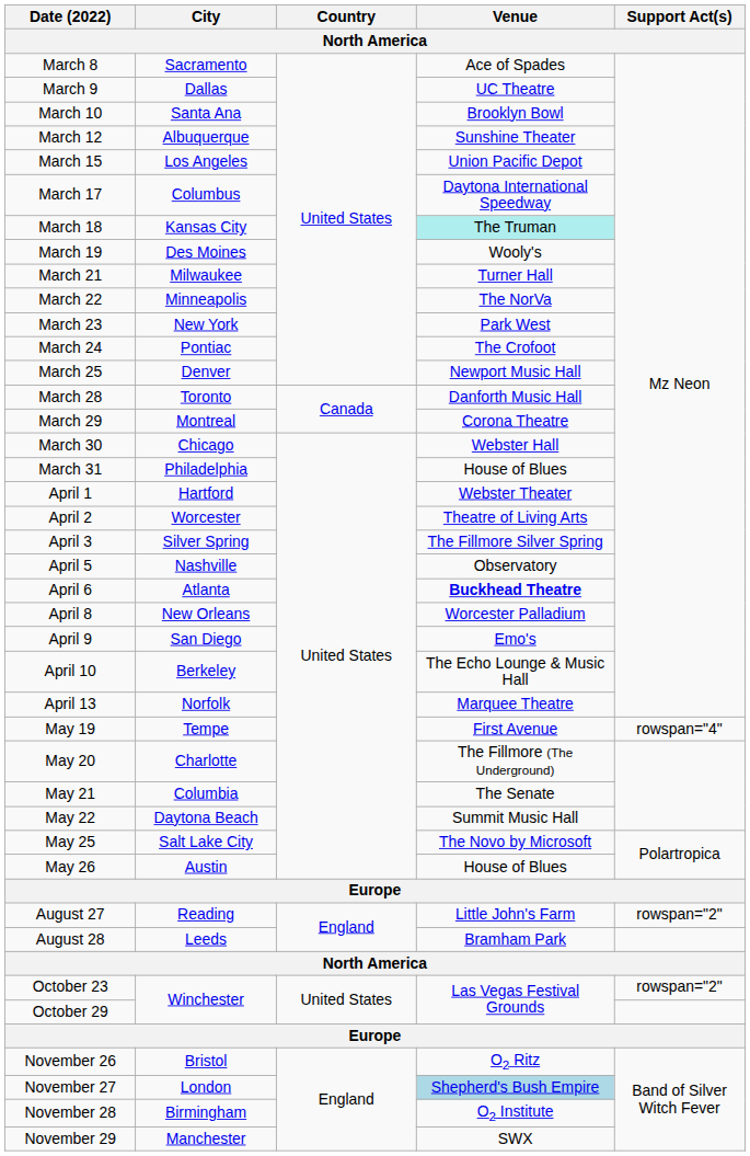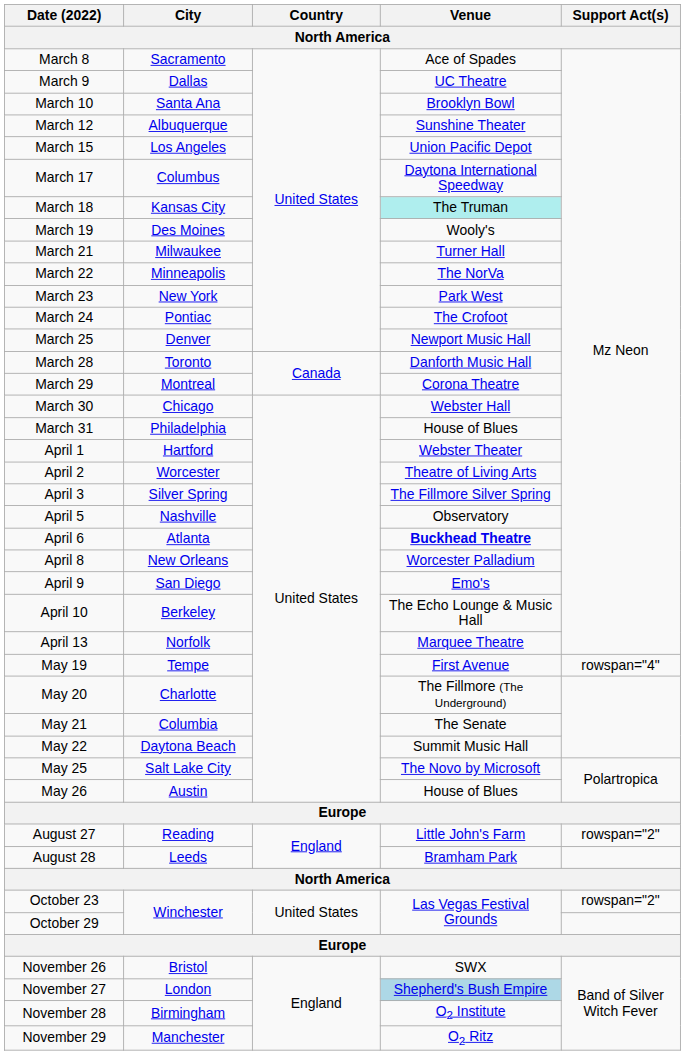 <table class="wikitable" style="text-align:center;">
 <tr>
 <th width="130">Date (2022)</th>
 <th width="140">City</th>
 <th width="140">Country</th>
 <th width="200">Venue</th>
 <th width="130">Support Act(s)</th>
 </tr>
 <tr>
 <th colspan="5">North America</th>
 </tr>
 <tr>
 <td>March 8</td>
 <td><a href='#'>Sacramento</a></td>
 <td rowspan="13"><a href='#'>United States</a></td>
 <td>Ace of Spades</td>
 <td rowspan="26">Mz Neon</td>
 </tr>
 <tr>
 <td>March 9</td>
 <td><a href='#'>Dallas</a></td>
 <td><a href='#'>UC Theatre</a></td>
 </tr>
 <tr>
 <td>March 10</td>
 <td><a href='#'>Santa Ana</a></td>
 <td><a href='#'>Brooklyn Bowl</a></td>
 </tr>
 <tr>
 <td>March 12</td>
 <td><a href='#'>Albuquerque</a></td>
 <td><a href='#'>Sunshine Theater</a></td>
 </tr>
 <tr>
 <td>March 15</td>
 <td><a href='#'>Los Angeles</a></td>
 <td><a href='#'>Union Pacific Depot</a></td>
 </tr>
 <tr>
 <td>March 17</td>
 <td><a href='#'>Columbus</a></td>
 <td><a href='#'>Daytona International Speedway</a></td>
 </tr>
 <tr>
 <td>March 18</td>
 <td><a href='#'>Kansas City</a></td>
 <td style="background: paleturquoise;">The Truman</td>
 </tr>
 <tr>
 <td>March 19</td>
 <td><a href='#'>Des Moines</a></td>
 <td>Wooly's</td>
 </tr>
 <tr>
 <td>March 21</td>
 <td><a href='#'>Milwaukee</a></td>
 <td><a href='#'>Turner Hall</a></td>
 </tr>
 <tr>
 <td>March 22</td>
 <td><a href='#'>Minneapolis</a></td>
 <td><a href='#'>The NorVa</a></td>
 </tr>
 <tr>
 <td>March 23</td>
 <td><a href='#'>New York</a></td>
 <td><a href='#'>Park West</a></td>
 </tr>
 <tr>
 <td>March 24</td>
 <td><a href='#'>Pontiac</a></td>
 <td><a href='#'>The Crofoot</a></td>
 </tr>
 <tr>
 <td>March 25</td>
 <td><a href='#'>Denver</a></td>
 <td><a href='#'>Newport Music Hall</a></td>
 </tr>
 <tr>
 <td>March 28</td>
 <td><a href='#'>Toronto</a></td>
 <td rowspan="2"><a href='#'>Canada</a></td>
 <td><a href='#'>Danforth Music Hall</a></td>
 </tr>
 <tr>
 <td>March 29</td>
 <td><a href='#'>Montreal</a></td>
 <td><a href='#'>Corona Theatre</a></td>
 </tr>
 <tr>
 <td>March 30</td>
 <td><a href='#'>Chicago</a></td>
 <td rowspan="17">United States</td>
 <td><a href='#'>Webster Hall</a></td>
 </tr>
 <tr>
 <td>March 31</td>
 <td><a href='#'>Philadelphia</a></td>
 <td>House of Blues</td>
 </tr>
 <tr>
 <td>April 1</td>
 <td><a href='#'>Hartford</a></td>
 <td><a href='#'>Webster Theater</a></td>
 </tr>
 <tr>
 <td>April 2</td>
 <td><a href='#'>Worcester</a></td>
 <td><a href='#'>Theatre of Living Arts</a></td>
 </tr>
 <tr>
 <td>April 3</td>
 <td><a href='#'>Silver Spring</a></td>
 <td><a href='#'>The Fillmore Silver Spring</a></td>
 </tr>
 <tr>
 <td>April 5</td>
 <td><a href='#'>Nashville</a></td>
 <td>Observatory</td>
 </tr>
 <tr>
 <td>April 6</td>
 <td><a href='#'>Atlanta</a></td>
 <td><strong><a href='#'>Buckhead Theatre</a></strong></td>
 </tr>
 <tr>
 <td>April 8</td>
 <td><a href='#'>New Orleans</a></td>
 <td><a href='#'>Worcester Palladium</a></td>
 </tr>
 <tr>
 <td>April 9</td>
 <td><a href='#'>San Diego</a></td>
 <td><a href='#'>Emo's</a></td>
 </tr>
 <tr>
 <td>April 10</td>
 <td><a href='#'>Berkeley</a></td>
 <td>The Echo Lounge & Music Hall</td>
 </tr>
 <tr>
 <td>April 13</td>
 <td><a href='#'>Norfolk</a></td>
 <td><a href='#'>Marquee Theatre</a></td>
 </tr>
 <tr>
 <td>May 19</td>
 <td><a href='#'>Tempe</a></td>
 <td><a href='#'>First Avenue</a></td>
 <td>rowspan="4" </td>
 </tr>
 <tr>
 <td>May 20</td>
 <td><a href='#'>Charlotte</a></td>
 <td>The Fillmore <small>(The Underground)</small></td>
 </tr>
 <tr>
 <td>May 21</td>
 <td><a href='#'>Columbia</a></td>
 <td>The Senate</td>
 </tr>
 <tr>
 <td>May 22</td>
 <td><a href='#'>Daytona Beach</a></td>
 <td>Summit Music Hall</td>
 </tr>
 <tr>
 <td>May 25</td>
 <td><a href='#'>Salt Lake City</a></td>
 <td><a href='#'>The Novo by Microsoft</a></td>
 <td rowspan="2">Polartropica</td>
 </tr>
 <tr>
 <td>May 26</td>
 <td><a href='#'>Austin</a></td>
 <td>House of Blues</td>
 </tr>
 <tr>
 <th colspan="5">Europe</th>
 </tr>
 <tr>
 <td>August 27</td>
 <td><a href='#'>Reading</a></td>
 <td rowspan="2"><a href='#'>England</a></td>
 <td><a href='#'>Little John's Farm</a></td>
 <td>rowspan="2" </td>
 </tr>
 <tr>
 <td>August 28</td>
 <td><a href='#'>Leeds</a></td>
 <td><a href='#'>Bramham Park</a></td>
 </tr>
 <tr>
 <th colspan="5">North America</th>
 </tr>
 <tr>
 <td>October 23</td>
 <td rowspan="2"><a href='#'>Winchester</a></td>
 <td rowspan="2">United States</td>
 <td rowspan="2"><a href='#'>Las Vegas Festival Grounds</a></td>
 <td>rowspan="2" </td>
 </tr>
 <tr>
 <td>October 29</td>
 </tr>
 <tr>
 <th colspan="5">Europe</th>
 </tr>
 <tr>
 <td>November 26</td>
 <td><a href='#'>Bristol</a></td>
 <td rowspan="4">England</td>
-<td><a href='#'>O<sub>2</sub> Ritz</a></td>
+<td>SWX</td>
 <td rowspan="4">Band of Silver<br>Witch Fever</td>
 </tr>
 <tr>
 <td>November 27</td>
 <td><a href='#'>London</a></td>
 <td style="background: lightblue;"><a href='#'>Shepherd's Bush Empire</a></td>
 </tr>
 <tr>
 <td>November 28</td>
 <td><a href='#'>Birmingham</a></td>
 <td><a href='#'>O<sub>2</sub> Institute</a></td>
 </tr>
 <tr>
 <td>November 29</td>
 <td><a href='#'>Manchester</a></td>
-<td>SWX</td>
+<td><a href='#'>O<sub>2</sub> Ritz</a></td>
 </tr>
 </table>
